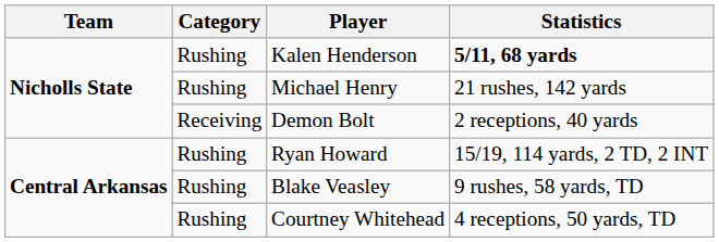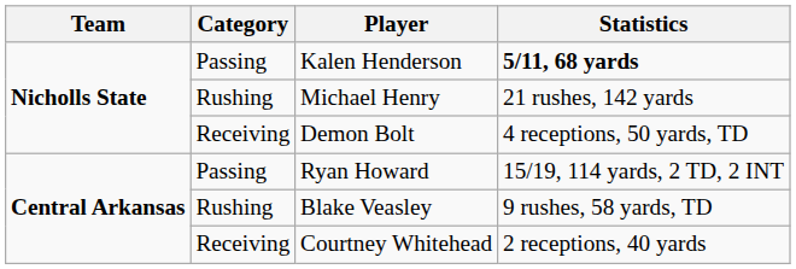 <table class="wikitable" style="float: left;">
 <tr>
 <th>Team</th>
 <th>Category</th>
 <th>Player</th>
 <th>Statistics</th>
 </tr>
 <tr>
 <td rowspan=3><strong>Nicholls State</strong></td>
-<td>Rushing</td>
+<td>Passing</td>
 <td>Kalen Henderson</td>
 <td><strong>5/11, 68 yards</strong></td>
 </tr>
 <tr>
 <td>Rushing</td>
 <td>Michael Henry</td>
 <td>21 rushes, 142 yards</td>
 </tr>
 <tr>
 <td>Receiving</td>
 <td>Demon Bolt</td>
-<td>2 receptions, 40 yards</td>
+<td>4 receptions, 50 yards, TD</td>
 </tr>
 <tr>
 <td rowspan=3><strong>Central Arkansas</strong></td>
-<td>Rushing</td>
+<td>Passing</td>
 <td>Ryan Howard</td>
 <td>15/19, 114 yards, 2 TD, 2 INT</td>
 </tr>
 <tr>
 <td>Rushing</td>
 <td>Blake Veasley</td>
 <td>9 rushes, 58 yards, TD</td>
 </tr>
 <tr>
-<td>Rushing</td>
+<td>Receiving</td>
 <td>Courtney Whitehead</td>
-<td>4 receptions, 50 yards, TD</td>
+<td>2 receptions, 40 yards</td>
 </tr>
 </table>
